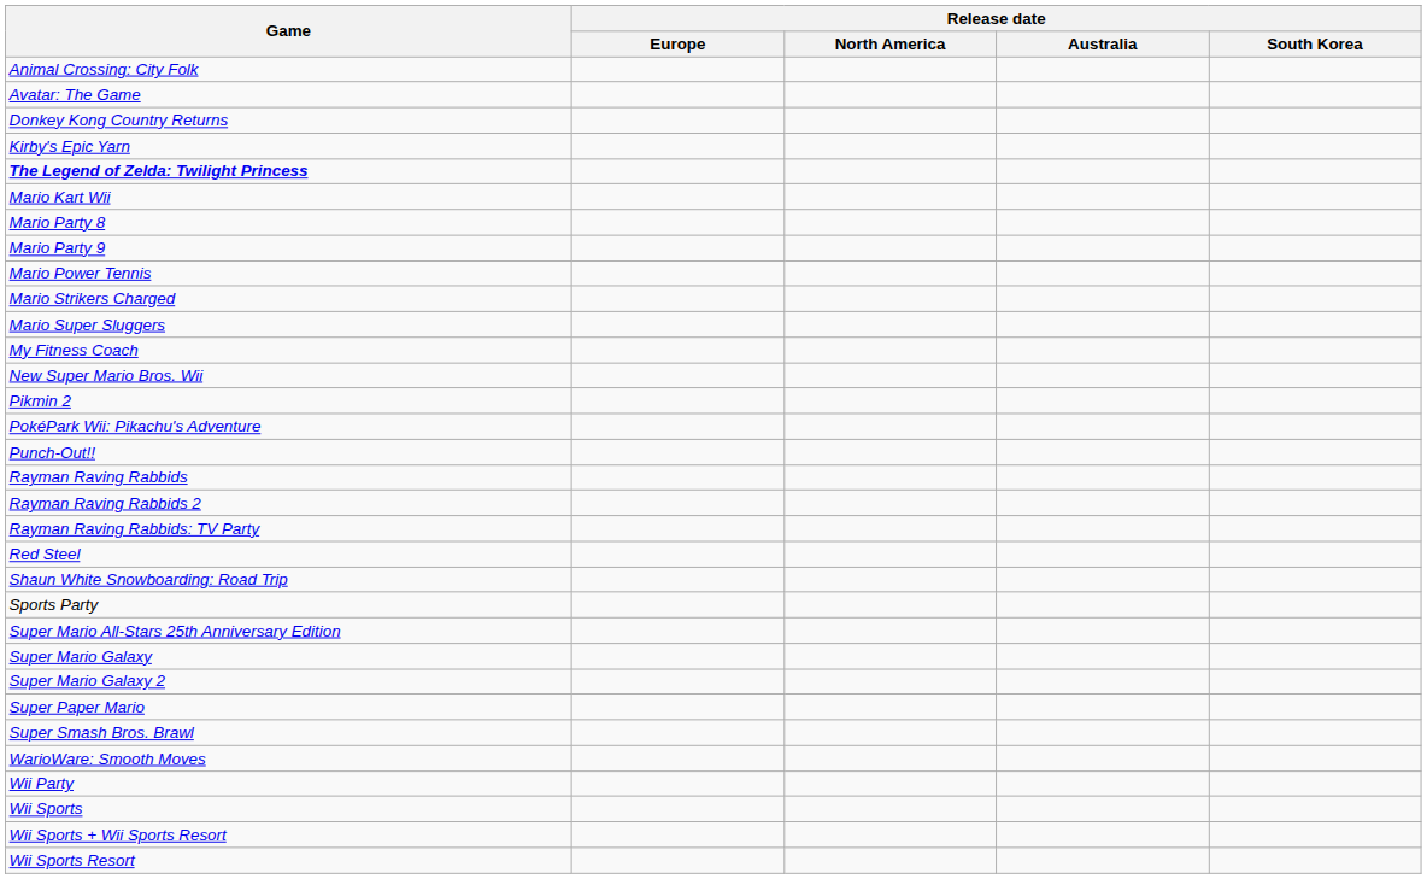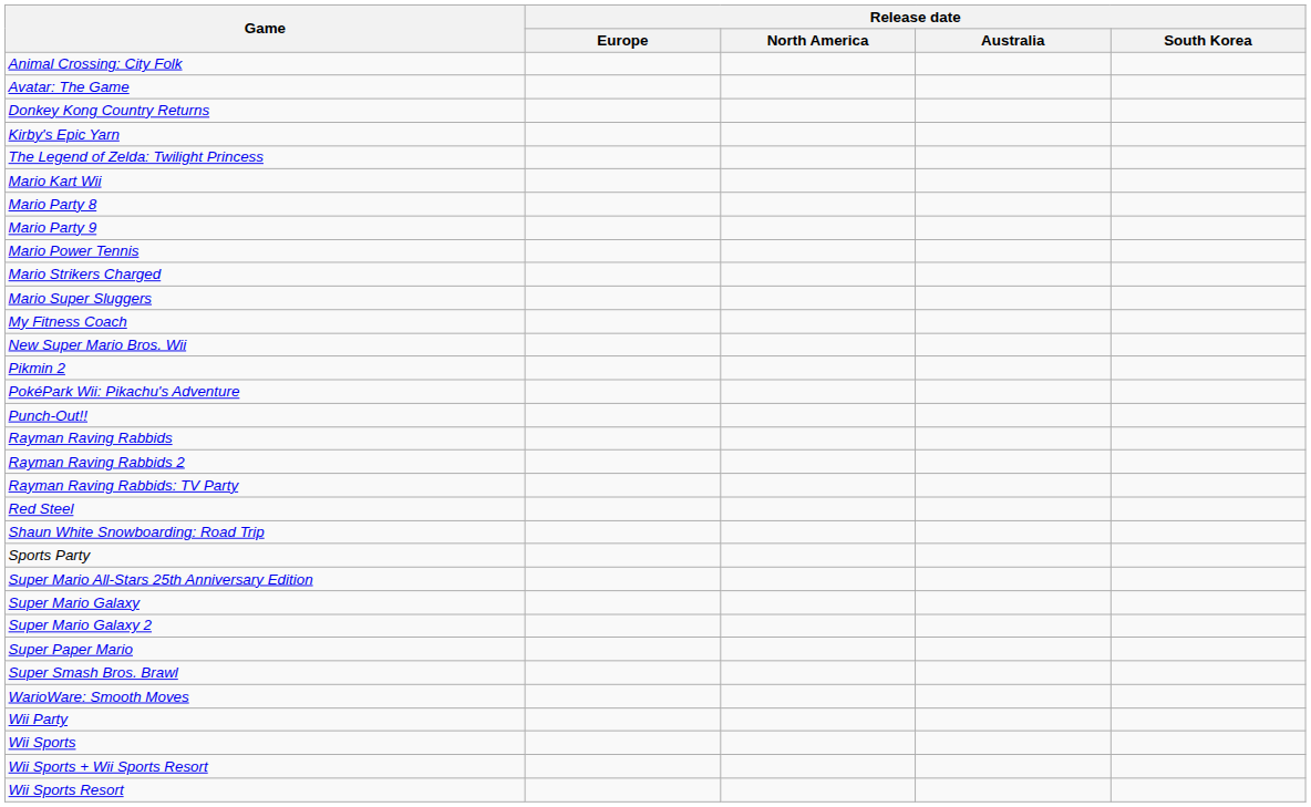 <table class="wikitable sortable" style="width: 100%; font-size: 90%">
 <tr>
 <th width=40% rowspan=2>Game</th>
 <th width=60% colspan=4>Release date</th>
 </tr>
 <tr>
 <th width=15%>Europe</th>
 <th width=15%>North America</th>
 <th width=15%>Australia</th>
 <th width=15%>South Korea</th>
 </tr>
 <tr>
 <td><em><a href='#'>Animal Crossing: City Folk</a></em></td>
 <td></td>
 <td></td>
 <td></td>
 <td></td>
 </tr>
 <tr>
 <td><em><a href='#'>Avatar: The Game</a></em></td>
 <td></td>
 <td></td>
 <td></td>
 <td></td>
 </tr>
 <tr>
 <td><em><a href='#'>Donkey Kong Country Returns</a></em></td>
 <td></td>
 <td></td>
 <td></td>
 <td></td>
 </tr>
 <tr>
 <td><em><a href='#'>Kirby's Epic Yarn</a></em></td>
 <td></td>
 <td></td>
 <td></td>
 <td></td>
 </tr>
 <tr>
-<td data-sort-value="Legend of Zelda: Twilight Princess, The"><strong><em><a href='#'>The Legend of Zelda: Twilight Princess</a></em></strong></td>
+<td data-sort-value="Legend of Zelda: Twilight Princess, The"><em><a href='#'>The Legend of Zelda: Twilight Princess</a></em></td>
 <td></td>
 <td></td>
 <td></td>
 <td></td>
 </tr>
 <tr>
 <td><em><a href='#'>Mario Kart Wii</a></em></td>
 <td></td>
 <td></td>
 <td></td>
 <td></td>
 </tr>
 <tr>
 <td><em><a href='#'>Mario Party 8</a></em></td>
 <td></td>
 <td></td>
 <td></td>
 <td></td>
 </tr>
 <tr>
 <td><em><a href='#'>Mario Party 9</a></em></td>
 <td></td>
 <td></td>
 <td></td>
 <td></td>
 </tr>
 <tr>
 <td><em><a href='#'>Mario Power Tennis</a></em></td>
 <td></td>
 <td></td>
 <td></td>
 <td></td>
 </tr>
 <tr>
 <td><em><a href='#'>Mario Strikers Charged</a></em></td>
 <td></td>
 <td></td>
 <td></td>
 <td></td>
 </tr>
 <tr>
 <td><em><a href='#'>Mario Super Sluggers</a></em></td>
 <td></td>
 <td></td>
 <td></td>
 <td></td>
 </tr>
 <tr>
 <td><em><a href='#'>My Fitness Coach</a></em></td>
 <td></td>
 <td></td>
 <td></td>
 <td></td>
 </tr>
 <tr>
 <td><em><a href='#'>New Super Mario Bros. Wii</a></em></td>
 <td></td>
 <td></td>
 <td></td>
 <td></td>
 </tr>
 <tr>
 <td><em><a href='#'>Pikmin 2</a></em></td>
 <td></td>
 <td></td>
 <td></td>
 <td></td>
 </tr>
 <tr>
 <td><em><a href='#'>PokéPark Wii: Pikachu's Adventure</a></em></td>
 <td></td>
 <td></td>
 <td></td>
 <td></td>
 </tr>
 <tr>
 <td><em><a href='#'>Punch-Out!!</a></em></td>
 <td></td>
 <td></td>
 <td></td>
 <td></td>
 </tr>
 <tr>
 <td><em><a href='#'>Rayman Raving Rabbids</a></em></td>
 <td></td>
 <td></td>
 <td></td>
 <td></td>
 </tr>
 <tr>
 <td><em><a href='#'>Rayman Raving Rabbids 2</a></em></td>
 <td></td>
 <td></td>
 <td></td>
 <td></td>
 </tr>
 <tr>
 <td><em><a href='#'>Rayman Raving Rabbids: TV Party</a></em></td>
 <td></td>
 <td></td>
 <td></td>
 <td></td>
 </tr>
 <tr>
 <td><em><a href='#'>Red Steel</a></em></td>
 <td></td>
 <td></td>
 <td></td>
 <td></td>
 </tr>
 <tr>
 <td><em><a href='#'>Shaun White Snowboarding: Road Trip</a></em></td>
 <td></td>
 <td></td>
 <td></td>
 <td></td>
 </tr>
 <tr>
 <td><em>Sports Party</em></td>
 <td></td>
 <td></td>
 <td></td>
 <td></td>
 </tr>
 <tr>
 <td><em><a href='#'>Super Mario All-Stars 25th Anniversary Edition</a></em></td>
 <td></td>
 <td></td>
 <td></td>
 <td></td>
 </tr>
 <tr>
 <td><em><a href='#'>Super Mario Galaxy</a></em></td>
 <td></td>
 <td></td>
 <td></td>
 <td></td>
 </tr>
 <tr>
 <td><em><a href='#'>Super Mario Galaxy 2</a></em></td>
 <td></td>
 <td></td>
 <td></td>
 <td></td>
 </tr>
 <tr>
 <td><em><a href='#'>Super Paper Mario</a></em></td>
 <td></td>
 <td></td>
 <td></td>
 <td></td>
 </tr>
 <tr>
 <td><em><a href='#'>Super Smash Bros. Brawl</a></em></td>
 <td></td>
 <td></td>
 <td></td>
 <td></td>
 </tr>
 <tr>
 <td><em><a href='#'>WarioWare: Smooth Moves</a></em></td>
 <td></td>
 <td></td>
 <td></td>
 <td></td>
 </tr>
 <tr>
 <td><em><a href='#'>Wii Party</a></em></td>
 <td></td>
 <td></td>
 <td></td>
 <td></td>
 </tr>
 <tr>
 <td><em><a href='#'>Wii Sports</a></em></td>
 <td></td>
 <td></td>
 <td></td>
 <td></td>
 </tr>
 <tr>
 <td><em><a href='#'>Wii Sports + Wii Sports Resort</a></em></td>
 <td></td>
 <td></td>
 <td></td>
 <td></td>
 </tr>
 <tr>
 <td><em><a href='#'>Wii Sports Resort</a></em></td>
 <td></td>
 <td></td>
 <td></td>
 <td></td>
 </tr>
 </table>
